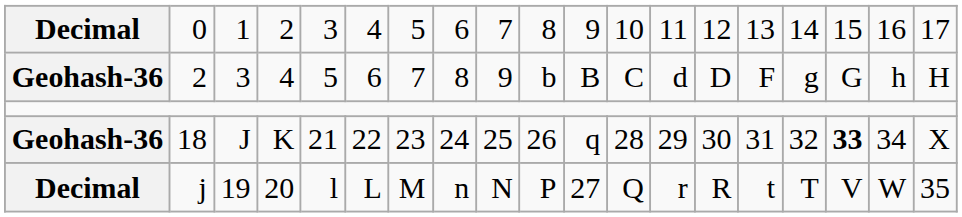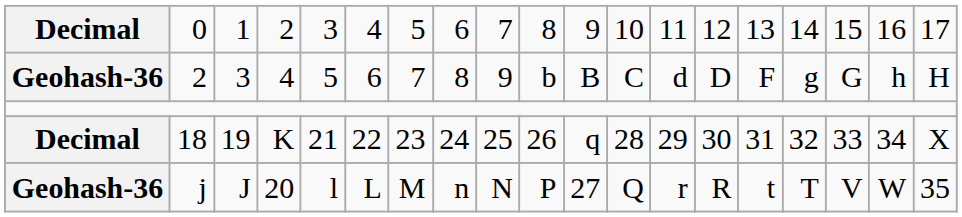 <table class="wikitable" style="float: left;">
 <tr align="right">
 <th>Decimal</th>
 <td>0</td>
 <td>1</td>
 <td>2</td>
 <td>3</td>
 <td>4</td>
 <td>5</td>
 <td>6</td>
 <td>7</td>
 <td>8</td>
 <td>9</td>
 <td>10</td>
 <td>11</td>
 <td>12</td>
 <td>13</td>
 <td>14</td>
 <td>15</td>
 <td>16</td>
 <td>17</td>
 </tr>
 <tr align="right">
 <th>Geohash-36</th>
 <td>2</td>
 <td>3</td>
 <td>4</td>
 <td>5</td>
 <td>6</td>
 <td>7</td>
 <td>8</td>
 <td>9</td>
 <td>b</td>
 <td>B</td>
 <td>C</td>
 <td>d</td>
 <td>D</td>
 <td>F</td>
 <td>g</td>
 <td>G</td>
 <td>h</td>
 <td>H</td>
 </tr>
 <tr>
 <td style="font: 0.5em/0.5em serif;" colspan="19"> </td>
 </tr>
 <tr align="right">
-<th>Geohash-36</th>
+<th>Decimal</th>
 <td>18</td>
-<td>J</td>
+<td>19</td>
 <td>K</td>
 <td>21</td>
 <td>22</td>
 <td>23</td>
 <td>24</td>
 <td>25</td>
 <td>26</td>
 <td>q</td>
 <td>28</td>
 <td>29</td>
 <td>30</td>
 <td>31</td>
 <td>32</td>
-<td><strong>33</strong></td>
+<td>33</td>
 <td>34</td>
 <td>X</td>
 </tr>
 <tr align="right">
-<th>Decimal</th>
+<th>Geohash-36</th>
 <td>j</td>
-<td>19</td>
+<td>J</td>
 <td>20</td>
 <td>l</td>
 <td>L</td>
 <td>M</td>
 <td>n</td>
 <td>N</td>
 <td>P</td>
 <td>27</td>
 <td>Q</td>
 <td>r</td>
 <td>R</td>
 <td>t</td>
 <td>T</td>
 <td>V</td>
 <td>W</td>
 <td>35</td>
 </tr>
 </table>
